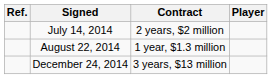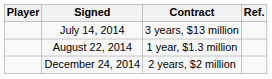 <table class="wikitable sortable sortable" style="text-align: center;">
 <tr>
-<th>Ref.</th>
+<th>Player</th>
 <th>Signed</th>
 <th>Contract</th>
-<th>Player</th>
+<th>Ref.</th>
 </tr>
 <tr>
 <td></td>
 <td>July 14, 2014</td>
-<td>2 years, $2 million</td>
+<td>3 years, $13 million</td>
 <td></td>
 </tr>
 <tr>
 <td></td>
 <td>August 22, 2014</td>
 <td>1 year, $1.3 million</td>
 <td></td>
 </tr>
 <tr>
 <td></td>
 <td>December 24, 2014</td>
-<td>3 years, $13 million</td>
+<td>2 years, $2 million</td>
 <td></td>
 </tr>
 </table>
